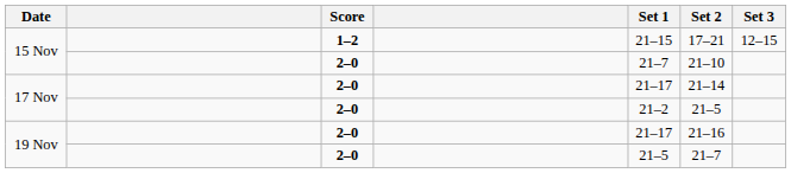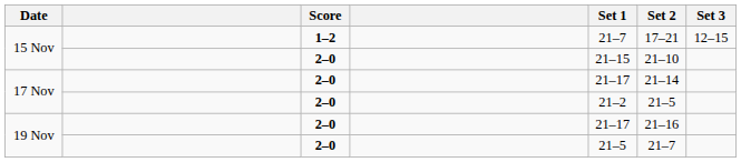 <table class="wikitable" style="text-align: center;">
 <tr>
 <th width="60">Date</th>
 <th align="right" width="270"></th>
 <th width="50">Score</th>
 <th align="left" width="270"></th>
 <th width="50">Set 1</th>
 <th width="50">Set 2</th>
 <th width="50">Set 3</th>
 </tr>
 <tr>
 <td rowspan=2>15 Nov</td>
 <td align=left></td>
 <td align=center><strong>1–2</strong></td>
 <td align=left><strong></strong></td>
-<td>21–15</td>
+<td>21–7</td>
 <td>17–21</td>
 <td>12–15</td>
 </tr>
 <tr>
 <td align=left><strong></strong></td>
 <td align=center><strong>2–0</strong></td>
 <td align=left></td>
-<td>21–7</td>
+<td>21–15</td>
 <td>21–10</td>
 <td></td>
 </tr>
 <tr>
 <td rowspan=2>17 Nov</td>
 <td align=left><strong></strong></td>
 <td align=center><strong>2–0</strong></td>
 <td align=left></td>
 <td>21–17</td>
 <td>21–14</td>
 <td></td>
 </tr>
 <tr>
 <td align=left><strong></strong></td>
 <td align=center><strong>2–0</strong></td>
 <td align=left></td>
 <td>21–2</td>
 <td>21–5</td>
 <td></td>
 </tr>
 <tr>
 <td rowspan=2>19 Nov</td>
 <td align=left><strong></strong></td>
 <td align=center><strong>2–0</strong></td>
 <td align=left></td>
 <td>21–17</td>
 <td>21–16</td>
 <td></td>
 </tr>
 <tr>
 <td align=left><strong></strong></td>
 <td align=center><strong>2–0</strong></td>
 <td align=left></td>
 <td>21–5</td>
 <td>21–7</td>
 <td></td>
 </tr>
 </table>
